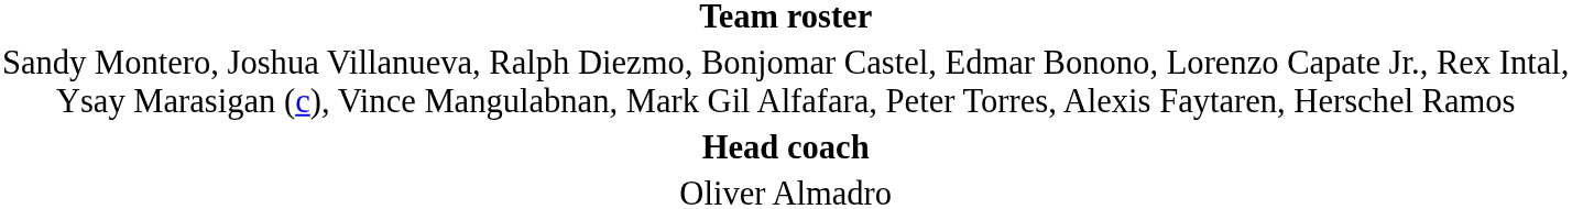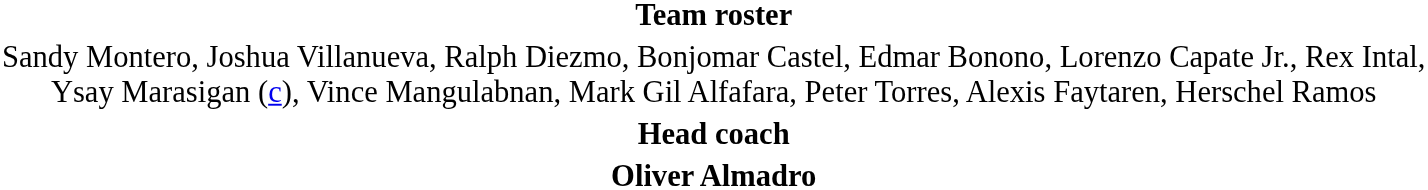 <table style="text-align: center; margin-top: 2em; margin-left: auto; margin-right: auto">
 <tr>
 <td><strong>Team roster</strong></td>
 </tr>
 <tr>
 <td>Sandy Montero, Joshua Villanueva, Ralph Diezmo, Bonjomar Castel, Edmar Bonono, Lorenzo Capate Jr., Rex Intal,<br>Ysay Marasigan (<a href='#'>c</a>), Vince Mangulabnan, Mark Gil Alfafara, Peter Torres, Alexis Faytaren, Herschel Ramos</td>
 </tr>
 <tr>
 <td><strong>Head coach</strong></td>
 </tr>
 <tr>
-<td> Oliver Almadro</td>
+<td><strong> Oliver Almadro</strong></td>
 </tr>
 </table>
